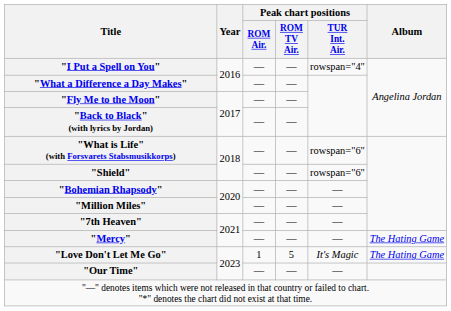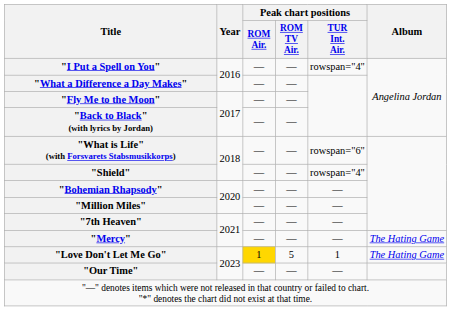 <table class="wikitable plainrowheaders" style="text-align:center;">
 <tr>
 <th scope="col" rowspan="2" style="width:20em;">Title</th>
 <th scope="col" rowspan="2" style="width:1em;">Year</th>
 <th scope="col" colspan="3">Peak chart positions</th>
 <th scope="col" rowspan="2">Album</th>
 </tr>
 <tr>
 <th scope="col" style="width:3em;font-size:90%;"><a href='#'>ROM<br>Air.</a><br></th>
 <th scope="col" style="width:3em;font-size:90%;"><a href='#'>ROM<br>TV<br>Air.</a><br></th>
 <th scope="col" style="width:3em;font-size:90%;"><a href='#'>TUR<br>Int.<br>Air.</a><br></th>
 </tr>
 <tr>
 <th scope="row">"<a href='#'>I Put a Spell on You</a>"</th>
 <td rowspan="2">2016</td>
 <td>—</td>
 <td>—</td>
 <td>rowspan="4" </td>
 <td rowspan="4"><em>Angelina Jordan</em></td>
 </tr>
 <tr>
 <th scope="row">"<a href='#'>What a Difference a Day Makes</a>"</th>
 <td>—</td>
 <td>—</td>
 </tr>
 <tr>
 <th scope="row">"<a href='#'>Fly Me to the Moon</a>" </th>
 <td rowspan="2">2017</td>
 <td>—</td>
 <td>—</td>
 </tr>
 <tr>
 <th scope="row">"<a href='#'>Back to Black</a>"<br><small>(with lyrics by Jordan)</small></th>
 <td>—</td>
 <td>—</td>
 </tr>
 <tr>
 <th scope="row">"What is Life"<br><small>(with <a href='#'>Forsvarets Stabsmusikkorps</a>)</small></th>
 <td rowspan="2">2018</td>
 <td>—</td>
 <td>—</td>
 <td>rowspan="6" </td>
 </tr>
 <tr>
 <th scope="row">"Shield"</th>
 <td>—</td>
 <td>—</td>
-<td>rowspan="6" </td>
+<td>rowspan="4" </td>
 </tr>
 <tr>
 <th scope="row">"<a href='#'>Bohemian Rhapsody</a>"</th>
 <td rowspan="2">2020</td>
 <td>—</td>
 <td>—</td>
 <td>—</td>
 </tr>
 <tr>
 <th scope="row">"Million Miles"</th>
 <td>—</td>
 <td>—</td>
 <td>—</td>
 </tr>
 <tr>
 <th scope="row">"7th Heaven"</th>
 <td rowspan="2">2021</td>
 <td>—</td>
 <td>—</td>
 <td>—</td>
 </tr>
 <tr>
 <th scope="row">"<a href='#'>Mercy</a>"</th>
 <td>—</td>
 <td>—</td>
 <td>—</td>
 <td><em><a href='#'>The Hating Game</a></em></td>
 </tr>
 <tr>
 <th scope="row">"Love Don't Let Me Go"</th>
 <td rowspan="2">2023</td>
+<td style="background: gold;">1</td>
+<td>5</td>
 <td>1</td>
-<td>5</td>
-<td><em>It's Magic</em></td>
 <td><em><a href='#'>The Hating Game</a></em></td>
 </tr>
 <tr>
 <th scope="row">"Our Time"</th>
 <td>—</td>
 <td>—</td>
 <td>—</td>
 </tr>
 <tr>
 <td colspan="7" style="font-size:90%;">"—" denotes items which were not released in that country or failed to chart.<br>"*" denotes the chart did not exist at that time.</td>
 </tr>
 </table>
